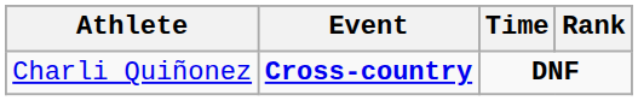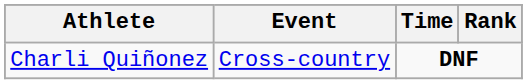 <table class=wikitable style="font-size:90%">
 <tr>
 <th>Athlete</th>
 <th>Event</th>
 <th>Time</th>
 <th>Rank</th>
 </tr>
 <tr>
 <td><a href='#'>Charli Quiñonez</a></td>
-<td><strong><a href='#'>Cross-country</a></strong></td>
+<td><a href='#'>Cross-country</a></td>
 <td align=center colspan="2"><strong>DNF</strong></td>
 </tr>
 </table>
